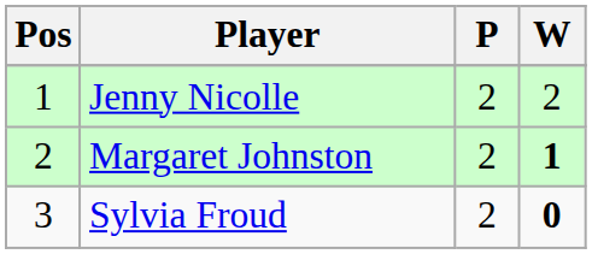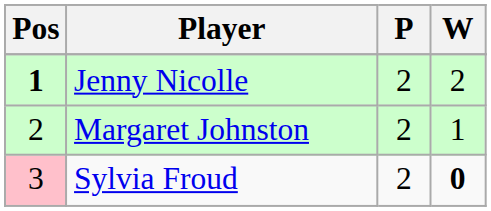 <table class="wikitable">
 <tr>
 <th width=20>Pos</th>
 <th width=150>Player</th>
 <th width=20>P</th>
 <th width=20>W</th>
 </tr>
 <tr>
 </tr>
 <tr align=center style="background: #ccffcc;">
-<td>1</td>
+<td><strong>1</strong></td>
 <td align="left"> <a href='#'>Jenny Nicolle</a></td>
 <td>2</td>
 <td>2</td>
 </tr>
 <tr align=center style="background: #ccffcc;">
 <td>2</td>
 <td align="left"> <a href='#'>Margaret Johnston</a></td>
 <td>2</td>
-<td><strong>1</strong></td>
+<td>1</td>
 </tr>
 <tr align=center>
-<td>3</td>
+<td style="background: pink;">3</td>
 <td align="left"> <a href='#'>Sylvia Froud</a></td>
 <td>2</td>
 <td><strong>0</strong></td>
 </tr>
 </table>
